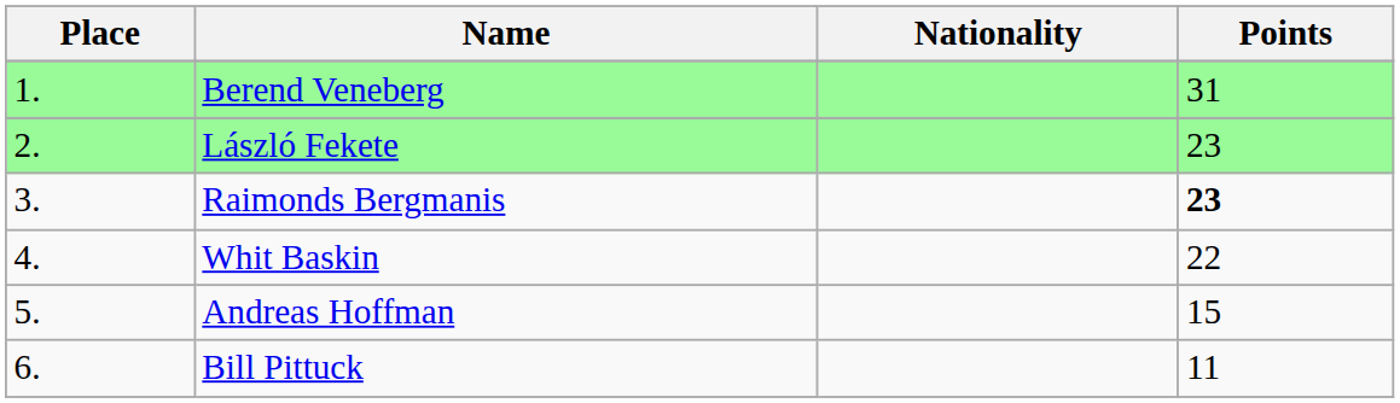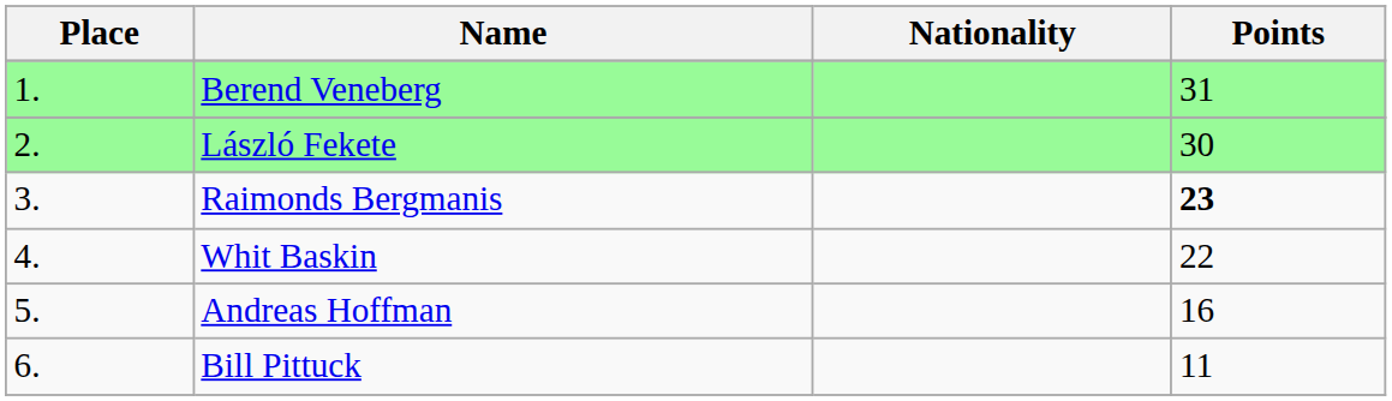 <table class="wikitable" style="display: inline-table; width: 50%;">
 <tr>
 <th>Place</th>
 <th>Name</th>
 <th>Nationality</th>
 <th>Points</th>
 </tr>
 <tr>
 </tr>
 <tr bgcolor=palegreen>
 <td>1.</td>
 <td><a href='#'>Berend Veneberg</a></td>
 <td></td>
 <td>31</td>
 </tr>
 <tr>
 </tr>
 <tr bgcolor=palegreen>
 <td>2.</td>
 <td><a href='#'>László Fekete</a></td>
 <td></td>
-<td>23</td>
+<td>30</td>
 </tr>
 <tr>
 <td>3.</td>
 <td><a href='#'>Raimonds Bergmanis</a></td>
 <td></td>
 <td><strong>23</strong></td>
 </tr>
 <tr>
 <td>4.</td>
 <td><a href='#'>Whit Baskin</a></td>
 <td></td>
 <td>22</td>
 </tr>
 <tr>
 <td>5.</td>
 <td><a href='#'>Andreas Hoffman</a></td>
 <td></td>
-<td>15</td>
+<td>16</td>
 </tr>
 <tr>
 <td>6.</td>
 <td><a href='#'>Bill Pittuck</a></td>
 <td></td>
 <td>11</td>
 </tr>
 </table>
